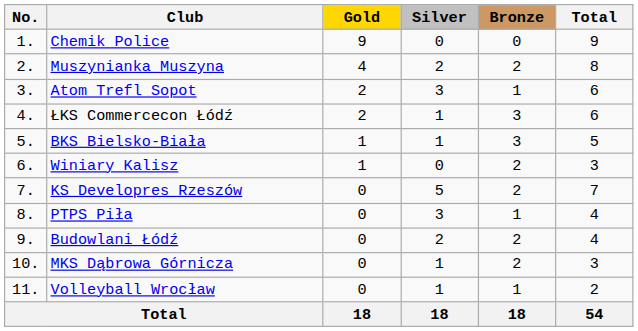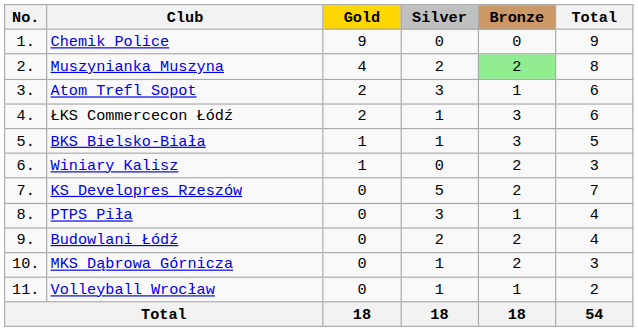 <table class="wikitable">
 <tr class="hintergrundfarbe5">
 <th width="30">No.</th>
 <th width="230">Club</th>
 <th style="background:#FFD700;" width="60">Gold</th>
 <th style="background:#C0C0C0;" width="60">Silver</th>
 <th style="background:#CC9966;" width="60">Bronze</th>
 <th width="60">Total</th>
 </tr>
 <tr>
 <td align=center>1.</td>
 <td><a href='#'>Chemik Police</a></td>
 <td align=center>9</td>
 <td align=center>0</td>
 <td align=center>0</td>
 <td align=center>9</td>
 </tr>
 <tr>
 <td align=center>2.</td>
 <td><a href='#'>Muszynianka Muszyna</a></td>
 <td align=center>4</td>
 <td align=center>2</td>
-<td align=center>2</td>
+<td align=center style="background: lightgreen;">2</td>
 <td align=center>8</td>
 </tr>
 <tr>
 <td align=center>3.</td>
 <td><a href='#'>Atom Trefl Sopot</a></td>
 <td align=center>2</td>
 <td align=center>3</td>
 <td align=center>1</td>
 <td align=center>6</td>
 </tr>
 <tr>
 <td align=center>4.</td>
 <td>ŁKS Commercecon Łódź</td>
 <td align=center>2</td>
 <td align=center>1</td>
 <td align=center>3</td>
 <td align=center>6</td>
 </tr>
 <tr>
 <td align=center>5.</td>
 <td><a href='#'>BKS Bielsko-Biała</a></td>
 <td align=center>1</td>
 <td align=center>1</td>
 <td align=center>3</td>
 <td align=center>5</td>
 </tr>
 <tr>
 <td align=center>6.</td>
 <td><a href='#'>Winiary Kalisz</a></td>
 <td align=center>1</td>
 <td align=center>0</td>
 <td align=center>2</td>
 <td align=center>3</td>
 </tr>
 <tr>
 <td align=center>7.</td>
 <td><a href='#'>KS Developres Rzeszów</a></td>
 <td align=center>0</td>
 <td align=center>5</td>
 <td align=center>2</td>
 <td align=center>7</td>
 </tr>
 <tr>
 <td align=center>8.</td>
 <td><a href='#'>PTPS Piła</a></td>
 <td align=center>0</td>
 <td align=center>3</td>
 <td align=center>1</td>
 <td align=center>4</td>
 </tr>
 <tr>
 <td align=center>9.</td>
 <td><a href='#'>Budowlani Łódź</a></td>
 <td align=center>0</td>
 <td align=center>2</td>
 <td align=center>2</td>
 <td align=center>4</td>
 </tr>
 <tr>
 <td align=center>10.</td>
 <td><a href='#'>MKS Dąbrowa Górnicza</a></td>
 <td align=center>0</td>
 <td align=center>1</td>
 <td align=center>2</td>
 <td align=center>3</td>
 </tr>
 <tr>
 <td align=center>11.</td>
 <td><a href='#'>Volleyball Wrocław</a></td>
 <td align=center>0</td>
 <td align=center>1</td>
 <td align=center>1</td>
 <td align=center>2</td>
 </tr>
 <tr>
 <th colspan=2>Total</th>
 <th>18</th>
 <th>18</th>
 <th>18</th>
 <th>54</th>
 </tr>
 </table>
